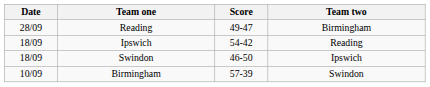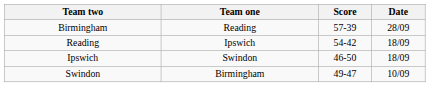 <table class="wikitable" style="text-align: center">
 <tr>
-<th width=80>Date</th>
+<th width=250>Team two</th>
 <th width=250>Team one</th>
 <th width=80>Score</th>
-<th width=250>Team two</th>
+<th width=80>Date</th>
 </tr>
 <tr>
+<td>Birmingham</td>
+<td>Reading</td>
+<td>57-39</td>
 <td>28/09</td>
-<td>Reading</td>
-<td>49-47</td>
-<td>Birmingham</td>
 </tr>
 <tr>
-<td>18/09</td>
+<td>Reading</td>
 <td>Ipswich</td>
 <td>54-42</td>
-<td>Reading</td>
+<td>18/09</td>
 </tr>
 <tr>
-<td>18/09</td>
+<td>Ipswich</td>
 <td>Swindon</td>
 <td>46-50</td>
-<td>Ipswich</td>
+<td>18/09</td>
 </tr>
 <tr>
+<td>Swindon</td>
+<td>Birmingham</td>
+<td>49-47</td>
 <td>10/09</td>
-<td>Birmingham</td>
-<td>57-39</td>
-<td>Swindon</td>
 </tr>
 </table>
